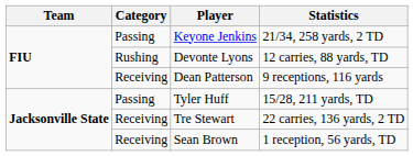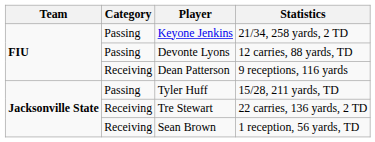 <table class="wikitable" style="float: right;">
 <tr>
 <th>Team</th>
 <th>Category</th>
 <th>Player</th>
 <th>Statistics</th>
 </tr>
 <tr>
 <td rowspan=3><strong>FIU</strong></td>
 <td>Passing</td>
 <td><a href='#'>Keyone Jenkins</a></td>
 <td>21/34, 258 yards, 2 TD</td>
 </tr>
 <tr>
-<td>Rushing</td>
+<td>Passing</td>
 <td>Devonte Lyons</td>
 <td>12 carries, 88 yards, TD</td>
 </tr>
 <tr>
 <td>Receiving</td>
 <td>Dean Patterson</td>
 <td>9 receptions, 116 yards</td>
 </tr>
 <tr>
 <td rowspan=3><strong>Jacksonville State</strong></td>
 <td>Passing</td>
 <td>Tyler Huff</td>
 <td>15/28, 211 yards, TD</td>
 </tr>
 <tr>
 <td>Receiving</td>
 <td>Tre Stewart</td>
 <td>22 carries, 136 yards, 2 TD</td>
 </tr>
 <tr>
 <td>Receiving</td>
 <td>Sean Brown</td>
 <td>1 reception, 56 yards, TD</td>
 </tr>
 </table>
